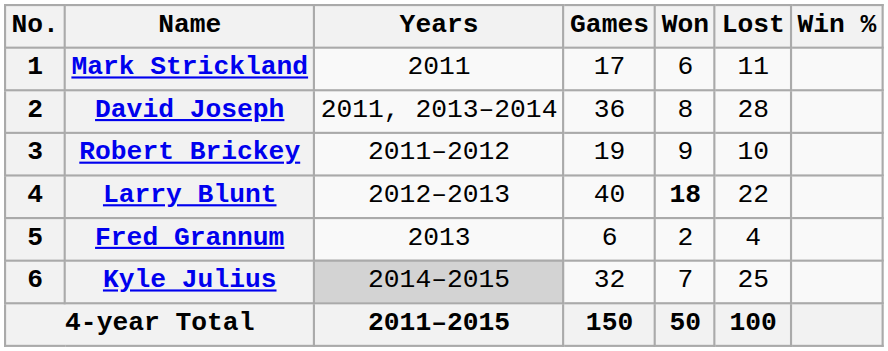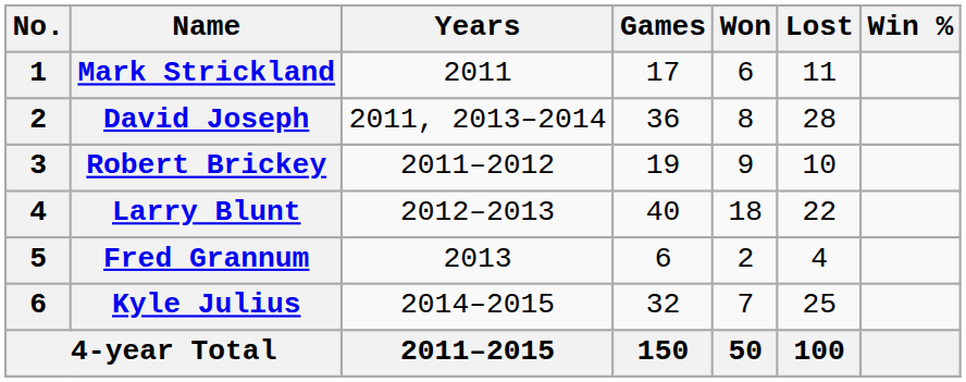 <table class="wikitable" style="font-size: 95%; text-align:center;">
 <tr>
 <th>No.</th>
 <th>Name</th>
 <th>Years</th>
 <th>Games</th>
 <th>Won</th>
 <th>Lost</th>
 <th>Win %</th>
 </tr>
 <tr>
 <th>1</th>
 <th><a href='#'>Mark Strickland</a></th>
 <td>2011</td>
 <td>17</td>
 <td>6</td>
 <td>11</td>
 <td></td>
 </tr>
 <tr>
 <th>2</th>
 <th><a href='#'>David Joseph</a></th>
 <td>2011, 2013–2014</td>
 <td>36</td>
 <td>8</td>
 <td>28</td>
 <td></td>
 </tr>
 <tr>
 <th>3</th>
 <th><a href='#'>Robert Brickey</a></th>
 <td>2011–2012</td>
 <td>19</td>
 <td>9</td>
 <td>10</td>
 <td></td>
 </tr>
 <tr>
 <th>4</th>
 <th><a href='#'>Larry Blunt</a></th>
 <td>2012–2013</td>
 <td>40</td>
-<td><strong>18</strong></td>
+<td>18</td>
 <td>22</td>
 <td></td>
 </tr>
 <tr>
 <th>5</th>
 <th><a href='#'>Fred Grannum</a></th>
 <td>2013</td>
 <td>6</td>
 <td>2</td>
 <td>4</td>
 <td></td>
 </tr>
 <tr>
 <th>6</th>
 <th><a href='#'>Kyle Julius</a></th>
-<td style="background: lightgrey;">2014–2015</td>
+<td>2014–2015</td>
 <td>32</td>
 <td>7</td>
 <td>25</td>
 <td></td>
 </tr>
 <tr>
 <th colspan="2">4-year Total</th>
 <th>2011–2015</th>
 <th>150</th>
 <th>50</th>
 <th>100</th>
 <th></th>
 </tr>
 </table>
